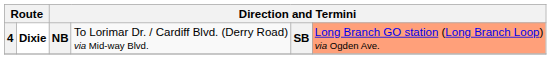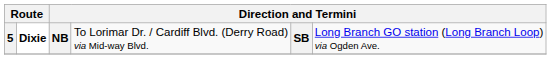 <table class=wikitable style="font-size: 90%;" |>
 <tr>
 <th colspan=2>Route</th>
 <th colspan=4>Direction and Termini</th>
 </tr>
 <tr>
-<th style="background:#"><div><strong>4</strong></div></th>
+<th style="background:#"><div><strong>5</strong></div></th>
 <td style="background:white; color:black"><strong>Dixie</strong></td>
 <th>NB</th>
 <td>To Lorimar Dr. / Cardiff Blvd. (Derry Road)<br><small><em>via</em> Mid-way Blvd.</small><br></td>
 <th>SB</th>
-<td style="background: lightsalmon;"><a href='#'>Long Branch GO station</a> (<a href='#'>Long Branch Loop</a>)<br><small><em>via</em> Ogden Ave.</small></td>
+<td><a href='#'>Long Branch GO station</a> (<a href='#'>Long Branch Loop</a>)<br><small><em>via</em> Ogden Ave.</small></td>
 </tr>
 <tr>
 </tr>
 </table>
